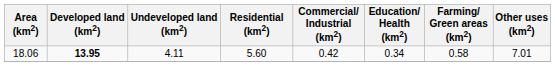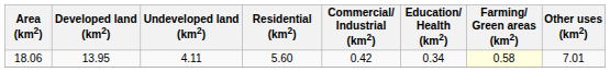 <table class="wikitable" style="text-align: center;">
 <tr>
 <th>Area (km<sup>2</sup>)</th>
 <th>Developed land (km<sup>2</sup>)</th>
 <th>Undeveloped land (km<sup>2</sup>)</th>
 <th>Residential (km<sup>2</sup>)</th>
 <th>Commercial/<br> Industrial (km<sup>2</sup>)</th>
 <th>Education/<br> Health (km<sup>2</sup>)</th>
 <th>Farming/<br> Green areas (km<sup>2</sup>)</th>
 <th>Other uses (km<sup>2</sup>)</th>
 </tr>
 <tr>
 <td>18.06</td>
-<td><strong>13.95</strong></td>
+<td>13.95</td>
 <td>4.11</td>
 <td>5.60</td>
 <td>0.42</td>
 <td>0.34</td>
-<td>0.58</td>
+<td style="background: lightyellow;">0.58</td>
 <td>7.01</td>
 </tr>
 <tr>
 </tr>
 </table>
